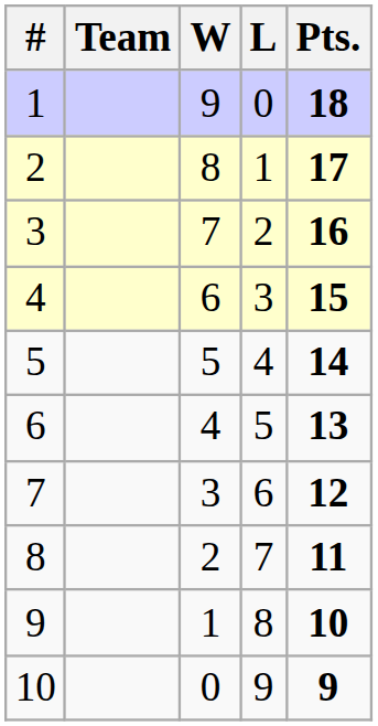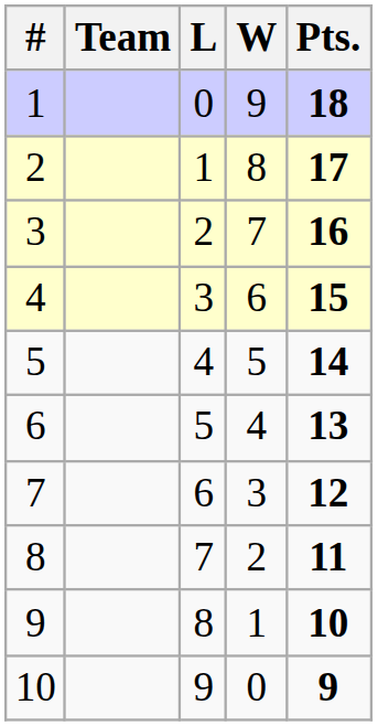 <table class=wikitable style="text-align:center;">
 <tr>
 <th>#</th>
 <th>Team</th>
+<th>L</th>
 <th>W</th>
-<th>L</th>
 <th>Pts.</th>
 </tr>
 <tr bgcolor=#CCCCFF>
 <td>1</td>
 <td align=left></td>
+<td>0</td>
 <td>9</td>
-<td>0</td>
 <td><strong>18</strong></td>
 </tr>
 <tr bgcolor=#FFFFCC>
 <td>2</td>
 <td align=left></td>
+<td>1</td>
 <td>8</td>
-<td>1</td>
 <td><strong>17</strong></td>
 </tr>
 <tr bgcolor=#FFFFCC>
 <td>3</td>
 <td align=left></td>
+<td>2</td>
 <td>7</td>
-<td>2</td>
 <td><strong>16</strong></td>
 </tr>
 <tr bgcolor=#FFFFCC>
 <td>4</td>
 <td align=left></td>
+<td>3</td>
 <td>6</td>
-<td>3</td>
 <td><strong>15</strong></td>
 </tr>
 <tr>
 <td>5</td>
 <td align=left></td>
+<td>4</td>
 <td>5</td>
-<td>4</td>
 <td><strong>14</strong></td>
 </tr>
 <tr>
 <td>6</td>
 <td align=left></td>
+<td>5</td>
 <td>4</td>
-<td>5</td>
 <td><strong>13</strong></td>
 </tr>
 <tr>
 <td>7</td>
 <td align=left></td>
+<td>6</td>
 <td>3</td>
-<td>6</td>
 <td><strong>12</strong></td>
 </tr>
 <tr>
 <td>8</td>
 <td align=left><strong></strong></td>
+<td>7</td>
 <td>2</td>
-<td>7</td>
 <td><strong>11</strong></td>
 </tr>
 <tr>
 <td>9</td>
 <td align=left></td>
+<td>8</td>
 <td>1</td>
-<td>8</td>
 <td><strong>10</strong></td>
 </tr>
 <tr>
 <td>10</td>
 <td align=left></td>
+<td>9</td>
 <td>0</td>
-<td>9</td>
 <td><strong>9</strong></td>
 </tr>
 </table>
